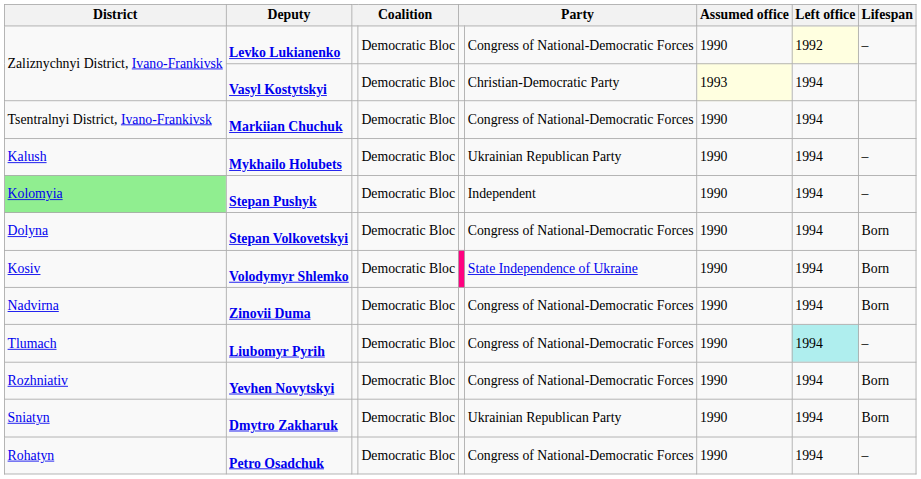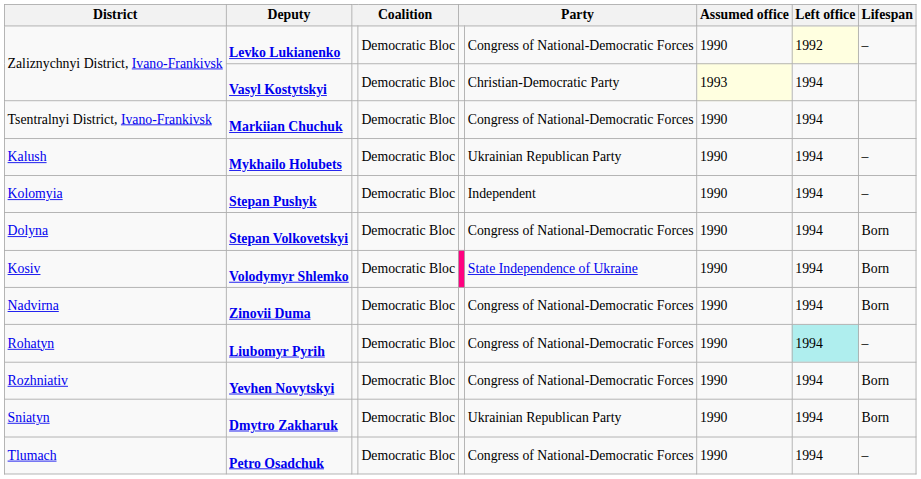 <table class="wikitable standard sortable">
 <tr>
 <th scope="col">District<br></th>
 <th scope="col">Deputy</th>
 <th scope="col" colspan=2>Coalition</th>
 <th scope="col" colspan=2>Party</th>
 <th scope="col">Assumed office</th>
 <th scope="col">Left office</th>
 <th scope="col">Lifespan</th>
 </tr>
 <tr>
 <td rowspan=2>Zaliznychnyi District, <a href='#'>Ivano-Frankivsk</a><br></td>
 <td data-sort-value="Lukianenko, Levko"><br><strong><a href='#'>Levko Lukianenko</a></strong></td>
 <td style="background-color:"></td>
 <td>Democratic Bloc</td>
 <td style="background-color:"></td>
 <td>Congress of National-Democratic Forces</td>
 <td>1990</td>
 <td style="background:#FFFFE0">1992</td>
 <td> – </td>
 </tr>
 <tr>
 <td data-sort-value="Kostytskyi, Vasyl"><br><strong><a href='#'>Vasyl Kostytskyi</a></strong></td>
 <td style="background-color:"></td>
 <td>Democratic Bloc</td>
 <td style="background-color:"></td>
 <td>Christian-Democratic Party</td>
 <td style="background:#FFFFE0">1993</td>
 <td>1994</td>
 <td></td>
 </tr>
 <tr>
 <td>Tsentralnyi District, <a href='#'>Ivano-Frankivsk</a><br></td>
 <td data-sort-value="Chuchuk, Markiian"><br><strong><a href='#'>Markiian Chuchuk</a></strong></td>
 <td style="background-color:"></td>
 <td>Democratic Bloc</td>
 <td style="background-color:"></td>
 <td>Congress of National-Democratic Forces</td>
 <td>1990</td>
 <td>1994</td>
 <td></td>
 </tr>
 <tr>
 <td><a href='#'>Kalush</a><br></td>
 <td data-sort-value="Holubets, Mykhailo"><br><strong><a href='#'>Mykhailo Holubets</a></strong></td>
 <td style="background-color:"></td>
 <td>Democratic Bloc</td>
 <td style="background-color:"></td>
 <td>Ukrainian Republican Party</td>
 <td>1990</td>
 <td>1994</td>
 <td> – </td>
 </tr>
 <tr>
-<td style="background: lightgreen;"><a href='#'>Kolomyia</a><br></td>
+<td><a href='#'>Kolomyia</a><br></td>
 <td data-sort-value="Pushyk, Stepan"><br><strong><a href='#'>Stepan Pushyk</a></strong></td>
 <td style="background-color:"></td>
 <td>Democratic Bloc</td>
 <td style="background-color:"></td>
 <td>Independent</td>
 <td>1990</td>
 <td>1994</td>
 <td> – </td>
 </tr>
 <tr>
 <td><a href='#'>Dolyna</a><br></td>
 <td data-sort-value="Volkovetskyi, Stepan"><br><strong><a href='#'>Stepan Volkovetskyi</a></strong></td>
 <td style="background-color:"></td>
 <td>Democratic Bloc</td>
 <td style="background-color:"></td>
 <td>Congress of National-Democratic Forces</td>
 <td>1990</td>
 <td>1994</td>
 <td>Born </td>
 </tr>
 <tr>
 <td><a href='#'>Kosiv</a><br></td>
 <td data-sort-value="Shlemko, Volodymyr"><br><strong><a href='#'>Volodymyr Shlemko</a></strong></td>
 <td style="background-color:"></td>
 <td>Democratic Bloc</td>
 <td style="background-color:#FF0080"></td>
 <td><a href='#'>State Independence of Ukraine</a></td>
 <td>1990</td>
 <td>1994</td>
 <td>Born </td>
 </tr>
 <tr>
 <td><a href='#'>Nadvirna</a><br></td>
 <td data-sort-value="Duma, Zinovii"><br><strong><a href='#'>Zinovii Duma</a></strong></td>
 <td style="background-color:"></td>
 <td>Democratic Bloc</td>
 <td style="background-color:"></td>
 <td>Congress of National-Democratic Forces</td>
 <td>1990</td>
 <td>1994</td>
 <td>Born </td>
 </tr>
 <tr>
-<td><a href='#'>Tlumach</a><br></td>
+<td><a href='#'>Rohatyn</a><br></td>
 <td data-sort-value="Pyrih, Liubomyr"><br><strong><a href='#'>Liubomyr Pyrih</a></strong></td>
 <td style="background-color:"></td>
 <td>Democratic Bloc</td>
 <td style="background-color:"></td>
 <td>Congress of National-Democratic Forces</td>
 <td>1990</td>
 <td style="background: paleturquoise;">1994</td>
 <td> – </td>
 </tr>
 <tr>
 <td><a href='#'>Rozhniativ</a><br></td>
 <td data-sort-value="Novytskyi, Yevhen"><br><strong><a href='#'>Yevhen Novytskyi</a></strong></td>
 <td style="background-color:"></td>
 <td>Democratic Bloc</td>
 <td style="background-color:"></td>
 <td>Congress of National-Democratic Forces</td>
 <td>1990</td>
 <td>1994</td>
 <td>Born </td>
 </tr>
 <tr>
 <td><a href='#'>Sniatyn</a><br></td>
 <td data-sort-value="Zakharuk, Dmytro"><br><strong><a href='#'>Dmytro Zakharuk</a></strong></td>
 <td style="background-color:"></td>
 <td>Democratic Bloc</td>
 <td style="background-color:"></td>
 <td>Ukrainian Republican Party</td>
 <td>1990</td>
 <td>1994</td>
 <td>Born </td>
 </tr>
 <tr>
-<td><a href='#'>Rohatyn</a><br></td>
+<td><a href='#'>Tlumach</a><br></td>
 <td data-sort-value="Osadchuk, Petro"><br><strong><a href='#'>Petro Osadchuk</a></strong></td>
 <td style="background-color:"></td>
 <td>Democratic Bloc</td>
 <td style="background-color:"></td>
 <td>Congress of National-Democratic Forces</td>
 <td>1990</td>
 <td>1994</td>
 <td> – </td>
 </tr>
 </table>
